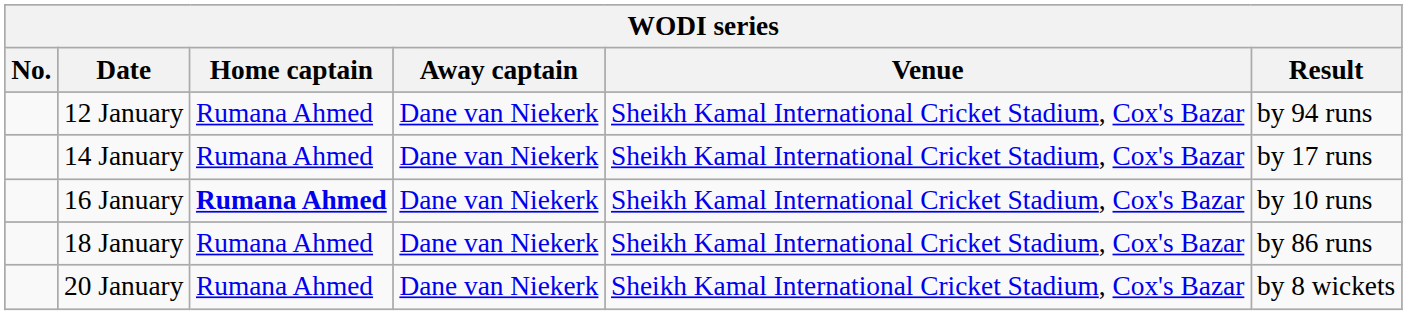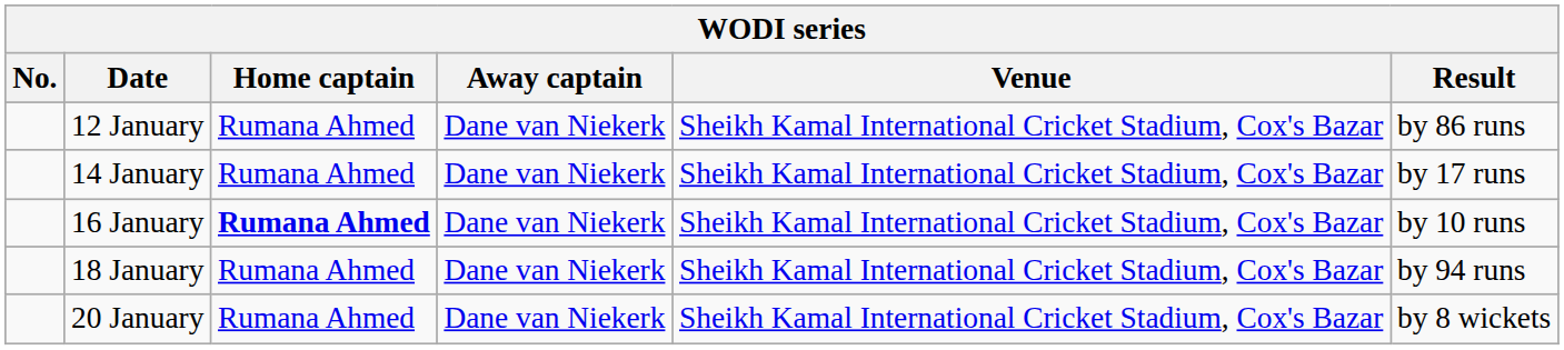 <table class="wikitable">
 <tr>
 <th colspan="6">WODI series</th>
 </tr>
 <tr>
 <th>No.</th>
 <th>Date</th>
 <th>Home captain</th>
 <th>Away captain</th>
 <th>Venue</th>
 <th>Result</th>
 </tr>
 <tr>
 <td></td>
 <td>12 January</td>
 <td><a href='#'>Rumana Ahmed</a></td>
 <td><a href='#'>Dane van Niekerk</a></td>
 <td><a href='#'>Sheikh Kamal International Cricket Stadium</a>, <a href='#'>Cox's Bazar</a></td>
-<td> by 94 runs</td>
+<td> by 86 runs</td>
 </tr>
 <tr>
 <td></td>
 <td>14 January</td>
 <td><a href='#'>Rumana Ahmed</a></td>
 <td><a href='#'>Dane van Niekerk</a></td>
 <td><a href='#'>Sheikh Kamal International Cricket Stadium</a>, <a href='#'>Cox's Bazar</a></td>
 <td> by 17 runs</td>
 </tr>
 <tr>
 <td></td>
 <td>16 January</td>
 <td><strong><a href='#'>Rumana Ahmed</a></strong></td>
 <td><a href='#'>Dane van Niekerk</a></td>
 <td><a href='#'>Sheikh Kamal International Cricket Stadium</a>, <a href='#'>Cox's Bazar</a></td>
 <td> by 10 runs</td>
 </tr>
 <tr>
 <td></td>
 <td>18 January</td>
 <td><a href='#'>Rumana Ahmed</a></td>
 <td><a href='#'>Dane van Niekerk</a></td>
 <td><a href='#'>Sheikh Kamal International Cricket Stadium</a>, <a href='#'>Cox's Bazar</a></td>
-<td> by 86 runs</td>
+<td> by 94 runs</td>
 </tr>
 <tr>
 <td></td>
 <td>20 January</td>
 <td><a href='#'>Rumana Ahmed</a></td>
 <td><a href='#'>Dane van Niekerk</a></td>
 <td><a href='#'>Sheikh Kamal International Cricket Stadium</a>, <a href='#'>Cox's Bazar</a></td>
 <td> by 8 wickets</td>
 </tr>
 </table>
